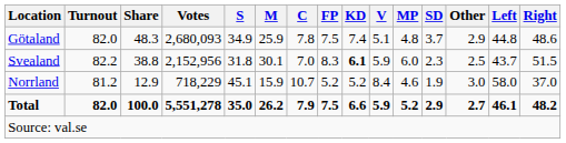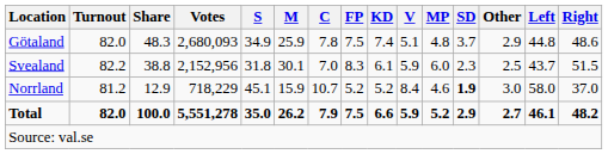 <table class="wikitable sortable" style=text-align:right>
 <tr>
 <th>Location</th>
 <th>Turnout</th>
 <th>Share</th>
 <th>Votes</th>
 <th><a href='#'>S</a></th>
 <th><a href='#'>M</a></th>
 <th><a href='#'>C</a></th>
 <th><a href='#'>FP</a></th>
 <th><a href='#'>KD</a></th>
 <th><a href='#'>V</a></th>
 <th><a href='#'>MP</a></th>
 <th><a href='#'>SD</a></th>
 <th>Other</th>
 <th><a href='#'>Left</a></th>
 <th><a href='#'>Right</a></th>
 </tr>
 <tr>
 <td align=left><a href='#'>Götaland</a></td>
 <td>82.0</td>
 <td>48.3</td>
 <td>2,680,093</td>
 <td>34.9</td>
 <td>25.9</td>
 <td>7.8</td>
 <td>7.5</td>
 <td>7.4</td>
 <td>5.1</td>
 <td>4.8</td>
 <td>3.7</td>
 <td>2.9</td>
 <td>44.8</td>
 <td>48.6</td>
 </tr>
 <tr>
 <td align=left><a href='#'>Svealand</a></td>
 <td>82.2</td>
 <td>38.8</td>
 <td>2,152,956</td>
 <td>31.8</td>
 <td>30.1</td>
 <td>7.0</td>
 <td>8.3</td>
-<td><strong>6.1</strong></td>
+<td>6.1</td>
 <td>5.9</td>
 <td>6.0</td>
 <td>2.3</td>
 <td>2.5</td>
 <td>43.7</td>
 <td>51.5</td>
 </tr>
 <tr>
 <td align=left><a href='#'>Norrland</a></td>
 <td>81.2</td>
 <td>12.9</td>
 <td>718,229</td>
 <td>45.1</td>
 <td>15.9</td>
 <td>10.7</td>
 <td>5.2</td>
 <td>5.2</td>
 <td>8.4</td>
 <td>4.6</td>
-<td>1.9</td>
+<td><strong>1.9</strong></td>
 <td>3.0</td>
 <td>58.0</td>
 <td>37.0</td>
 </tr>
 <tr>
 <td align=left><strong>Total</strong></td>
 <td><strong>82.0</strong></td>
 <td><strong>100.0</strong></td>
 <td><strong>5,551,278</strong></td>
 <td><strong>35.0</strong></td>
 <td><strong>26.2</strong></td>
 <td><strong>7.9</strong></td>
 <td><strong>7.5</strong></td>
 <td><strong>6.6</strong></td>
 <td><strong>5.9</strong></td>
 <td><strong>5.2</strong></td>
 <td><strong>2.9</strong></td>
 <td><strong>2.7</strong></td>
 <td><strong>46.1</strong></td>
 <td><strong>48.2</strong></td>
 </tr>
 <tr>
 <td align=left colspan=15>Source: val.se </td>
 </tr>
 </table>
